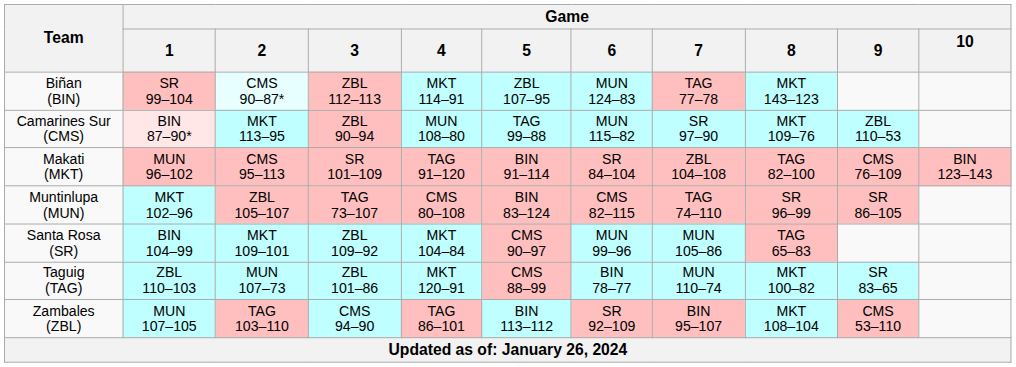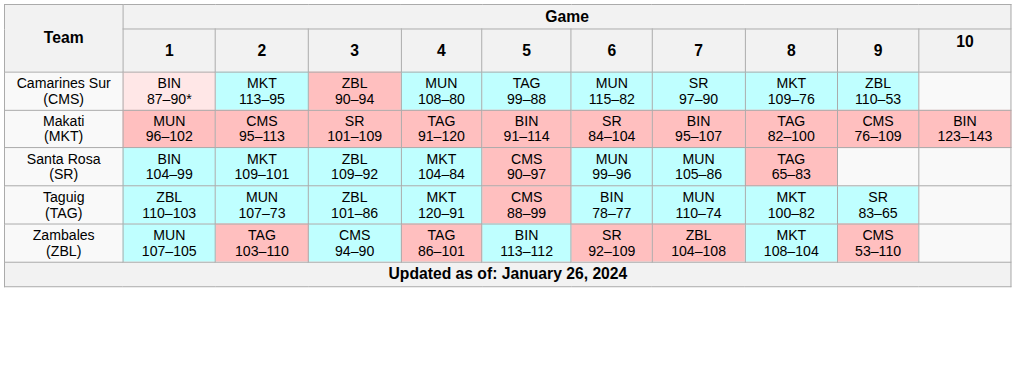 <table class="wikitable" style="text-align:center;">
 <tr>
 <th rowspan="2" width="10%">Team</th>
 <th colspan="10" width="75%">Game</th>
 </tr>
 <tr>
 <th>1</th>
 <th>2</th>
 <th>3</th>
 <th>4</th>
 <th>5</th>
 <th>6</th>
 <th>7</th>
 <th>8</th>
 <th>9</th>
 <th>10<br><br></th>
-</tr>
-<tr style="font-size: 90%">
-<td>Biñan <br> (BIN)</td>
-<td bgcolor="FFBFBF">SR  <br> 99–104</td>
-<td bgcolor="E7FFFF">CMS <br> 90–87*</td>
-<td bgcolor="FFBFBF">ZBL <br> 112–113</td>
-<td bgcolor="BFFFFF">MKT <br> 114–91</td>
-<td bgcolor="BFFFFF">ZBL <br> 107–95</td>
-<td bgcolor="BFFFFF">MUN <br> 124–83</td>
-<td bgcolor="FFBFBF">TAG <br> 77–78</td>
-<td bgcolor="BFFFFF">MKT <br> 143–123</td>
-<td></td>
-<td><br></td>
 </tr>
 <tr style="font-size: 90%">
 <td>Camarines Sur <br> (CMS)</td>
 <td bgcolor="FFE7E7">BIN <br> 87–90*</td>
 <td bgcolor="BFFFFF">MKT <br> 113–95</td>
 <td bgcolor="FFBFBF">ZBL <br> 90–94</td>
 <td bgcolor="BFFFFF">MUN <br> 108–80</td>
 <td bgcolor="BFFFFF">TAG <br> 99–88</td>
 <td bgcolor="BFFFFF">MUN <br> 115–82</td>
 <td bgcolor="BFFFFF">SR <br>  97–90</td>
 <td bgcolor="BFFFFF">MKT <br> 109–76</td>
 <td bgcolor="BFFFFF">ZBL <br> 110–53</td>
 <td><br></td>
 </tr>
 <tr style="font-size: 90%">
 <td>Makati <br> (MKT)</td>
 <td bgcolor="FFBFBF">MUN <br> 96–102</td>
 <td bgcolor="FFBFBF">CMS <br> 95–113</td>
 <td bgcolor="FFBFBF">SR  <br> 101–109</td>
 <td bgcolor="FFBFBF">TAG <br> 91–120</td>
 <td bgcolor="FFBFBF">BIN <br> 91–114</td>
 <td bgcolor="FFBFBF">SR  <br> 84–104</td>
-<td bgcolor="FFBFBF">ZBL <br> 104–108</td>
+<td bgcolor="FFBFBF">BIN <br> 95–107</td>
 <td bgcolor="FFBFBF">TAG <br> 82–100</td>
 <td bgcolor="FFBFBF">CMS <br> 76–109</td>
 <td bgcolor="FFBFBF">BIN <br> 123–143<br></td>
-</tr>
-<tr style="font-size: 90%">
-<td>Muntinlupa <br> (MUN)</td>
-<td bgcolor="BFFFFF">MKT <br> 102–96</td>
-<td bgcolor="FFBFBF">ZBL <br> 105–107</td>
-<td bgcolor="FFBFBF">TAG <br> 73–107</td>
-<td bgcolor="FFBFBF">CMS <br> 80–108</td>
-<td bgcolor="FFBFBF">BIN <br> 83–124</td>
-<td bgcolor="FFBFBF">CMS <br> 82–115</td>
-<td bgcolor="FFBFBF">TAG <br> 74–110</td>
-<td bgcolor="FFBFBF">SR <br> 96–99</td>
-<td bgcolor="FFBFBF">SR <br> 86–105</td>
-<td><br></td>
 </tr>
 <tr style="font-size: 90%">
 <td>Santa Rosa <br> (SR)</td>
 <td bgcolor="BFFFFF">BIN <br> 104–99</td>
 <td bgcolor="BFFFFF">MKT <br> 109–101</td>
 <td bgcolor="BFFFFF">ZBL <br> 109–92</td>
 <td bgcolor="BFFFFF">MKT <br> 104–84</td>
 <td bgcolor="FFBFBF">CMS <br> 90–97</td>
 <td bgcolor="BFFFFF">MUN <br> 99–96</td>
 <td bgcolor="BFFFFF">MUN <br> 105–86</td>
 <td bgcolor="FFBFBF">TAG <br> 65–83</td>
 <td></td>
 <td><br></td>
 </tr>
 <tr style="font-size: 90%">
 <td>Taguig <br> (TAG)</td>
 <td bgcolor="BFFFFF">ZBL <br> 110–103</td>
 <td bgcolor="BFFFFF">MUN <br> 107–73</td>
 <td bgcolor="BFFFFF">ZBL <br> 101–86</td>
 <td bgcolor="BFFFFF">MKT <br> 120–91</td>
 <td bgcolor="FFBFBF">CMS <br> 88–99</td>
 <td bgcolor="BFFFFF">BIN <br> 78–77</td>
 <td bgcolor="BFFFFF">MUN <br> 110–74</td>
 <td bgcolor="BFFFFF">MKT <br> 100–82</td>
 <td bgcolor="BFFFFF">SR <br> 83–65</td>
 <td><br></td>
 </tr>
 <tr style="font-size: 90%">
 <td>Zambales <br> (ZBL)</td>
 <td bgcolor="BFFFFF">MUN <br> 107–105</td>
 <td bgcolor="FFBFBF">TAG <br> 103–110</td>
 <td bgcolor="BFFFFF">CMS <br> 94–90</td>
 <td bgcolor="FFBFBF">TAG <br> 86–101</td>
 <td bgcolor="BFFFFF">BIN <br> 113–112</td>
 <td bgcolor="FFBFBF">SR  <br> 92–109</td>
-<td bgcolor="FFBFBF">BIN <br> 95–107</td>
+<td bgcolor="FFBFBF">ZBL <br> 104–108</td>
 <td bgcolor="BFFFFF">MKT <br> 108–104</td>
 <td bgcolor="FFBFBF">CMS <br> 53–110</td>
 <td></td>
 </tr>
 <tr>
 <th colspan="11">Updated as of: January 26, 2024</th>
 </tr>
 </table>
